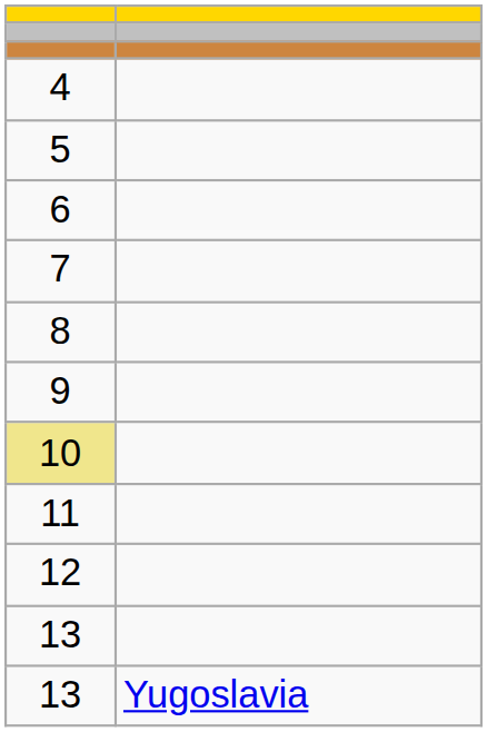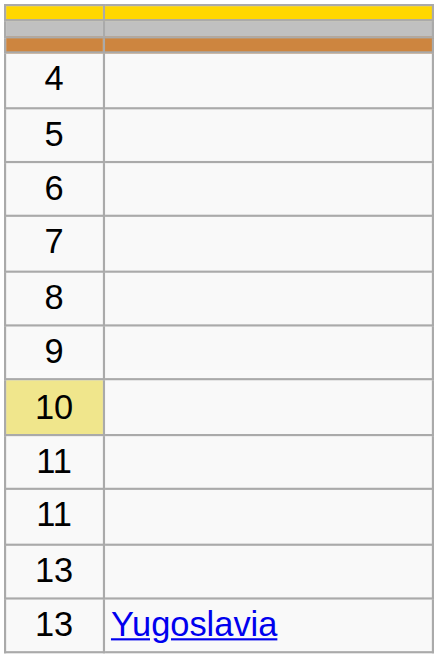 <table class="wikitable" style="width:200px;">
 <tr style="background:gold;">
 <td align=center></td>
 <td></td>
 </tr>
 <tr style="background:silver;">
 <td align=center></td>
 <td></td>
 </tr>
 <tr style="background:peru;">
 <td align=center></td>
 <td></td>
 </tr>
 <tr>
 <td align=center>4</td>
 <td></td>
 </tr>
 <tr>
 <td align=center>5</td>
 <td></td>
 </tr>
 <tr>
 <td align=center>6</td>
 <td></td>
 </tr>
 <tr>
 <td align=center>7</td>
 <td></td>
 </tr>
 <tr>
 <td align=center>8</td>
 <td></td>
 </tr>
 <tr>
 <td align=center>9</td>
 <td></td>
 </tr>
 <tr>
 <td align=center style="background: khaki;">10</td>
 <td></td>
 </tr>
 <tr>
 <td align=center>11</td>
 <td></td>
 </tr>
 <tr>
-<td align=center>12</td>
+<td align=center>11</td>
 <td></td>
 </tr>
 <tr>
 <td align=center>13</td>
 <td></td>
 </tr>
 <tr>
 <td align=center>13</td>
 <td> <a href='#'>Yugoslavia</a></td>
 </tr>
 </table>
